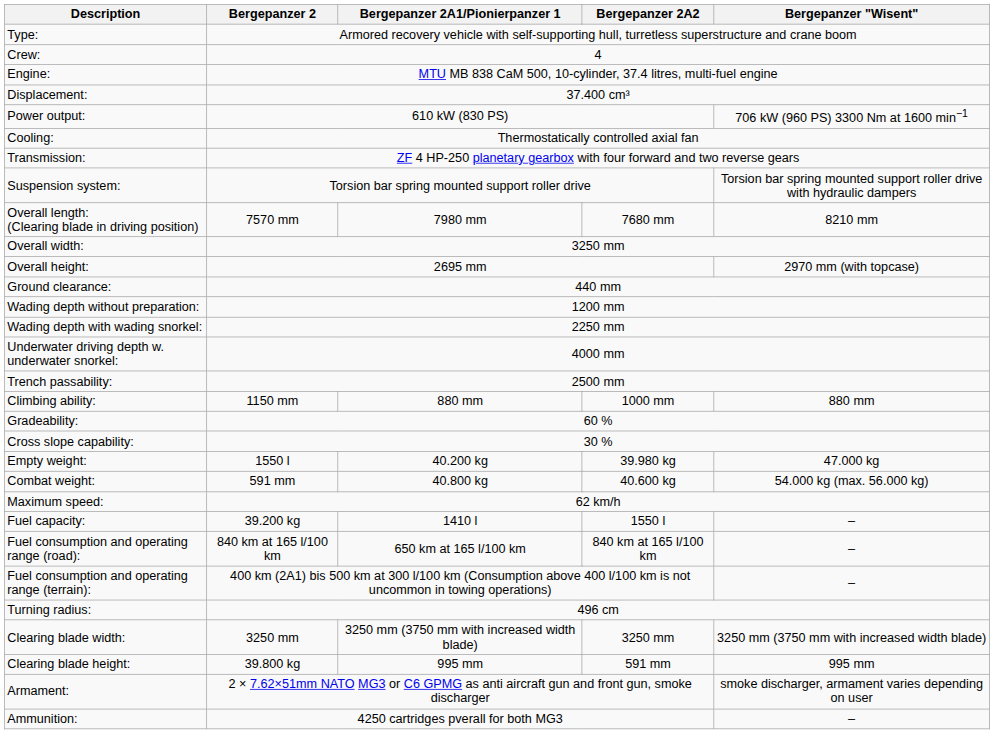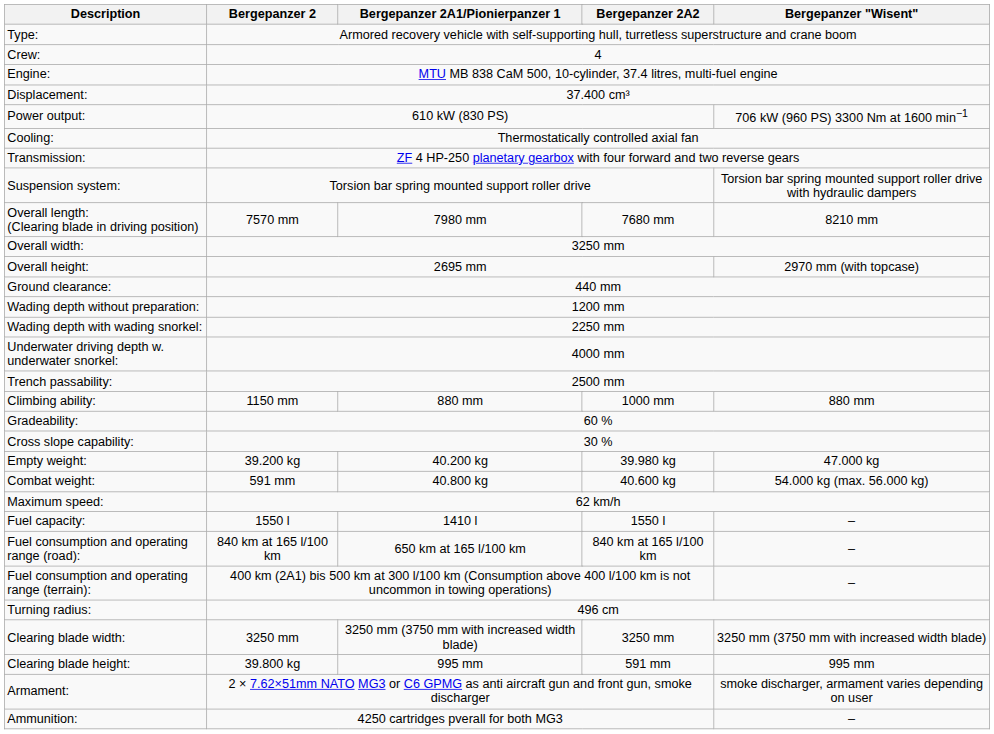 <table class="wikitable">
 <tr>
 <th>Description</th>
 <th>Bergepanzer 2</th>
 <th colspan="2">Bergepanzer 2A1/Pionierpanzer 1</th>
 <th colspan="3">Bergepanzer 2A2</th>
 <th colspan="4">Bergepanzer "Wisent"</th>
 </tr>
 <tr>
 <td>Type:</td>
 <td colspan="10" style="text-align:center;">Armored recovery vehicle with self-supporting hull, turretless superstructure and crane boom</td>
 </tr>
 <tr>
 <td>Crew:</td>
 <td colspan="10" style="text-align:center;">4</td>
 </tr>
 <tr>
 <td>Engine:</td>
 <td colspan="10" style="text-align:center;"><a href='#'>MTU</a> MB 838 CaM 500, 10-cylinder, 37.4 litres, multi-fuel engine</td>
 </tr>
 <tr>
 <td>Displacement:</td>
 <td colspan="10" style="text-align:center;">37.400 cm³</td>
 </tr>
 <tr>
 <td>Power output:</td>
 <td colspan="6" style="text-align:center;">610 kW (830 PS)</td>
 <td style="text-align:center;">706 kW (960 PS) 3300 Nm at 1600 min<sup>−1</sup></td>
 </tr>
 <tr>
 <td>Cooling:</td>
 <td colspan="10" style="text-align:center;">Thermostatically controlled axial fan</td>
 </tr>
 <tr>
 <td>Transmission:</td>
 <td colspan="10" style="text-align:center;"><a href='#'>ZF</a> 4 HP-250 <a href='#'>planetary gearbox</a> with four forward and two reverse gears</td>
 </tr>
 <tr>
 <td>Suspension system:</td>
 <td colspan="6" style="text-align:center;">Torsion bar spring mounted support roller drive</td>
 <td style="text-align:center;">Torsion bar spring mounted support roller drive with hydraulic dampers</td>
 </tr>
 <tr>
 <td>Overall length:<br>(Clearing blade in driving position)</td>
 <td style="text-align:center;">7570 mm</td>
 <td colspan="2" style="text-align:center;">7980 mm</td>
 <td colspan="3" style="text-align:center;">7680 mm</td>
 <td colspan="4" style="text-align:center;">8210 mm</td>
 </tr>
 <tr>
 <td>Overall width:</td>
 <td colspan="10" style="text-align:center;">3250 mm</td>
 </tr>
 <tr>
 <td>Overall height:</td>
 <td colspan="6" style="text-align:center;">2695 mm</td>
 <td style="text-align:center;">2970 mm (with topcase)</td>
 </tr>
 <tr>
 <td>Ground clearance:</td>
 <td colspan="10" style="text-align:center;">440 mm</td>
 </tr>
 <tr>
 <td>Wading depth without preparation:</td>
 <td colspan="10" style="text-align:center;">1200 mm</td>
 </tr>
 <tr>
 <td>Wading depth with wading snorkel:</td>
 <td colspan="10" style="text-align:center;">2250 mm</td>
 </tr>
 <tr>
 <td>Underwater driving depth w. underwater snorkel:</td>
 <td colspan="10" style="text-align:center;">4000 mm</td>
 </tr>
 <tr>
 <td>Trench passability:</td>
 <td colspan="10" style="text-align:center;">2500 mm</td>
 </tr>
 <tr>
 <td>Climbing ability:</td>
 <td style="text-align:center;">1150 mm</td>
 <td colspan="2" style="text-align:center;">880 mm</td>
 <td colspan="3" style="text-align:center;">1000 mm</td>
 <td colspan="4" style="text-align:center;">880 mm</td>
 </tr>
 <tr>
 <td>Gradeability:</td>
 <td colspan="10" style="text-align:center;">60 %</td>
 </tr>
 <tr>
 <td>Cross slope capability:</td>
 <td colspan="10" style="text-align:center;">30 %</td>
 </tr>
 <tr>
 <td>Empty weight:</td>
-<td style="text-align:center;">1550 l</td>
+<td style="text-align:center;">39.200 kg</td>
 <td colspan="2" style="text-align:center;">40.200 kg</td>
 <td colspan="3" style="text-align:center;">39.980 kg</td>
 <td colspan="4" style="text-align:center;">47.000 kg</td>
 </tr>
 <tr>
 <td>Combat weight:</td>
 <td style="text-align:center;">591 mm</td>
 <td colspan="2" style="text-align:center;">40.800 kg</td>
 <td colspan="3" style="text-align:center;">40.600 kg</td>
 <td colspan="4" style="text-align:center;">54.000 kg (max. 56.000 kg)</td>
 </tr>
 <tr>
 <td>Maximum speed:</td>
 <td colspan="10" style="text-align:center;">62 km/h</td>
 </tr>
 <tr>
 <td>Fuel capacity:</td>
-<td style="text-align:center;">39.200 kg</td>
+<td style="text-align:center;">1550 l</td>
 <td colspan="2" style="text-align:center;">1410 l</td>
 <td colspan="3" style="text-align:center;">1550 l</td>
 <td colspan="4" style="text-align:center;">–</td>
 </tr>
 <tr>
 <td>Fuel consumption and operating range (road):</td>
 <td style="text-align:center;">840 km at 165 l/100 km</td>
 <td colspan="2" style="text-align:center;">650 km at 165 l/100 km</td>
 <td colspan="3" style="text-align:center;">840 km at 165 l/100 km</td>
 <td colspan="4" style="text-align:center;">–</td>
 </tr>
 <tr>
 <td>Fuel consumption and operating range (terrain):</td>
 <td colspan="6" style="text-align:center;">400 km (2A1) bis 500 km at 300 l/100 km (Consumption above 400 l/100 km is not uncommon in towing operations)</td>
 <td colspan="4" style="text-align:center;">–</td>
 </tr>
 <tr>
 <td>Turning radius:</td>
 <td colspan="10" style="text-align:center;">496 cm</td>
 </tr>
 <tr>
 <td>Clearing blade width:</td>
 <td style="text-align:center;">3250 mm</td>
 <td colspan="2" style="text-align:center;">3250 mm (3750 mm with increased width blade)</td>
 <td colspan="3" style="text-align:center;">3250 mm</td>
 <td colspan="4" style="text-align:center;">3250 mm (3750 mm with increased width blade)</td>
 </tr>
 <tr>
 <td>Clearing blade height:</td>
 <td style="text-align:center;">39.800 kg</td>
 <td colspan="2" style="text-align:center;">995 mm</td>
 <td colspan="3" style="text-align:center;">591 mm</td>
 <td colspan="4" style="text-align:center;">995 mm</td>
 </tr>
 <tr>
 <td>Armament:</td>
 <td colspan="6" style="text-align:center;">2 × <a href='#'>7.62×51mm NATO</a> <a href='#'>MG3</a> or <a href='#'>C6 GPMG</a> as anti aircraft gun and front gun, smoke discharger</td>
 <td colspan="4" style="text-align:center;">smoke discharger, armament varies depending on user</td>
 </tr>
 <tr>
 <td>Ammunition:</td>
 <td colspan="6" style="text-align:center;">4250 cartridges pverall for both MG3</td>
 <td colspan="4" style="text-align:center;">–</td>
 </tr>
 </table>
